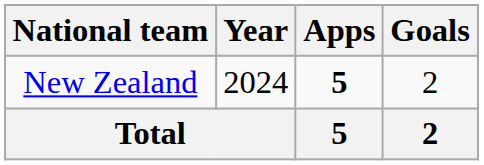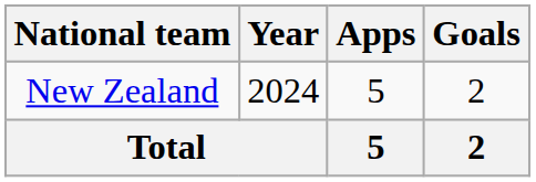 <table class=wikitable style=text-align:center>
 <tr>
 <th>National team</th>
 <th>Year</th>
 <th>Apps</th>
 <th>Goals</th>
 </tr>
 <tr>
 <td rowspan=1><a href='#'>New Zealand</a></td>
 <td>2024</td>
-<td><strong>5</strong></td>
+<td>5</td>
 <td>2</td>
 </tr>
 <tr>
 <th colspan=2>Total</th>
 <th>5</th>
 <th>2</th>
 </tr>
 </table>
